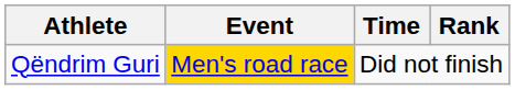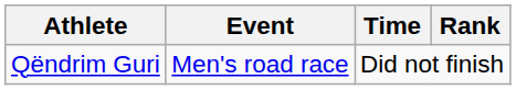 <table class="wikitable" style="font-size:90%">
 <tr>
 <th>Athlete</th>
 <th>Event</th>
 <th>Time</th>
 <th>Rank</th>
 </tr>
 <tr align=center>
 <td align=left><a href='#'>Qëndrim Guri</a></td>
-<td align=left style="background: gold;"><a href='#'>Men's road race</a></td>
+<td align=left><a href='#'>Men's road race</a></td>
 <td colspan=2>Did not finish</td>
 </tr>
 </table>
